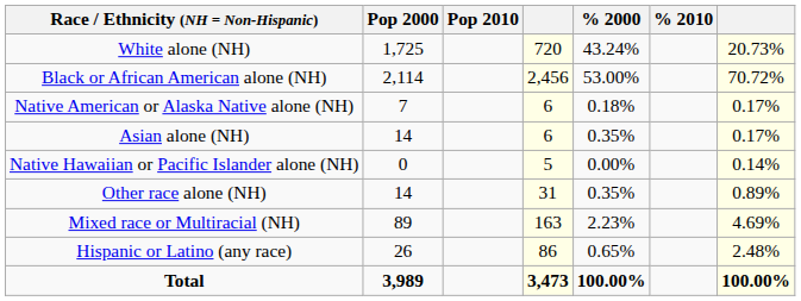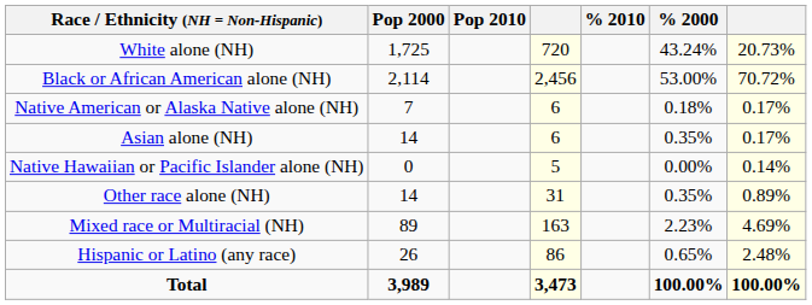 <table class="wikitable" style="text-align:center;">
 <tr>
 <th>Race / Ethnicity <small>(<em>NH = Non-Hispanic</em>)</small></th>
 <th>Pop 2000</th>
 <th>Pop 2010</th>
 <th></th>
+<th>% 2010</th>
 <th>% 2000</th>
-<th>% 2010</th>
 <th></th>
 </tr>
 <tr>
 <td><a href='#'>White</a> alone (NH)</td>
 <td>1,725</td>
 <td></td>
 <td style='background: #ffffe6;'>720</td>
+<td></td>
 <td>43.24%</td>
-<td></td>
 <td style='background: #ffffe6;'>20.73%</td>
 </tr>
 <tr>
 <td><a href='#'>Black or African American</a> alone (NH)</td>
 <td>2,114</td>
 <td></td>
 <td style='background: #ffffe6;'>2,456</td>
+<td></td>
 <td>53.00%</td>
-<td></td>
 <td style='background: #ffffe6;'>70.72%</td>
 </tr>
 <tr>
 <td><a href='#'>Native American</a> or <a href='#'>Alaska Native</a> alone (NH)</td>
 <td>7</td>
 <td></td>
 <td style='background: #ffffe6;'>6</td>
+<td></td>
 <td>0.18%</td>
-<td></td>
 <td style='background: #ffffe6;'>0.17%</td>
 </tr>
 <tr>
 <td><a href='#'>Asian</a> alone (NH)</td>
 <td>14</td>
 <td></td>
 <td style='background: #ffffe6;'>6</td>
+<td></td>
 <td>0.35%</td>
-<td></td>
 <td style='background: #ffffe6;'>0.17%</td>
 </tr>
 <tr>
 <td><a href='#'>Native Hawaiian</a> or <a href='#'>Pacific Islander</a> alone (NH)</td>
 <td>0</td>
 <td></td>
 <td style='background: #ffffe6;'>5</td>
+<td></td>
 <td>0.00%</td>
-<td></td>
 <td style='background: #ffffe6;'>0.14%</td>
 </tr>
 <tr>
 <td><a href='#'>Other race</a> alone (NH)</td>
 <td>14</td>
 <td></td>
 <td style='background: #ffffe6;'>31</td>
+<td></td>
 <td>0.35%</td>
-<td></td>
 <td style='background: #ffffe6;'>0.89%</td>
 </tr>
 <tr>
 <td><a href='#'>Mixed race or Multiracial</a> (NH)</td>
 <td>89</td>
 <td></td>
 <td style='background: #ffffe6;'>163</td>
+<td></td>
 <td>2.23%</td>
-<td></td>
 <td style='background: #ffffe6;'>4.69%</td>
 </tr>
 <tr>
 <td><a href='#'>Hispanic or Latino</a> (any race)</td>
 <td>26</td>
 <td></td>
 <td style='background: #ffffe6;'>86</td>
+<td></td>
 <td>0.65%</td>
-<td></td>
 <td style='background: #ffffe6;'>2.48%</td>
 </tr>
 <tr>
 <td><strong>Total</strong></td>
 <td><strong>3,989</strong></td>
 <td><strong></strong></td>
 <td style='background: #ffffe6;'><strong>3,473</strong></td>
+<td><strong></strong></td>
 <td><strong>100.00%</strong></td>
-<td><strong></strong></td>
 <td style='background: #ffffe6;'><strong>100.00%</strong></td>
 </tr>
 </table>
